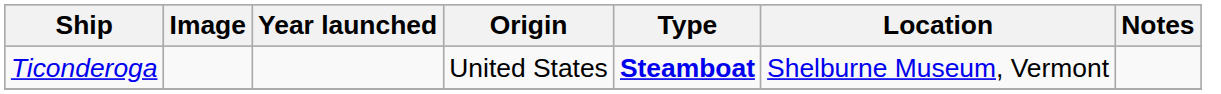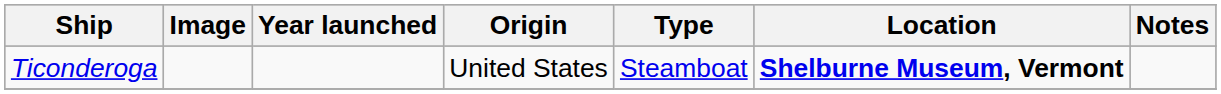 <table class="wikitable sortable">
 <tr>
 <th>Ship</th>
 <th>Image</th>
 <th>Year launched</th>
 <th>Origin</th>
 <th>Type</th>
 <th>Location</th>
 <th>Notes</th>
 </tr>
 <tr>
 <td data-sort-value=Ticonderoga 2><a href='#'><em>Ticonderoga</em></a></td>
 <td></td>
 <td></td>
 <td> United States</td>
-<td><strong><a href='#'>Steamboat</a></strong></td>
-<td><a href='#'>Shelburne Museum</a>, Vermont</td>
+<td><a href='#'>Steamboat</a></td>
+<td><strong><a href='#'>Shelburne Museum</a>, Vermont</strong></td>
 <td></td>
 </tr>
 <tr>
 </tr>
 </table>
